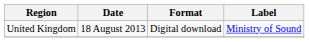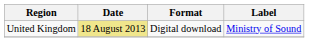 <table class=wikitable>
 <tr>
 <th>Region</th>
 <th>Date</th>
 <th>Format</th>
 <th>Label</th>
 </tr>
 <tr>
 <td>United Kingdom</td>
-<td>18 August 2013</td>
+<td style="background: khaki;">18 August 2013</td>
 <td>Digital download</td>
 <td><a href='#'>Ministry of Sound</a></td>
 </tr>
 <tr>
 </tr>
 </table>
